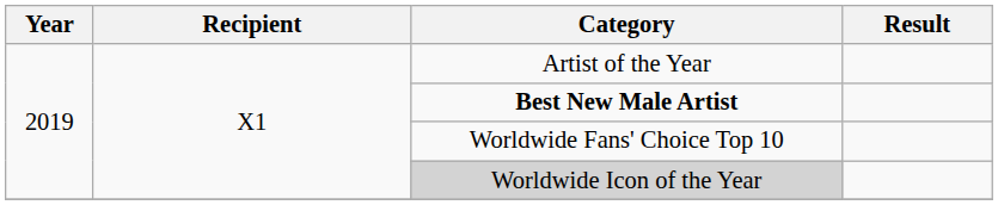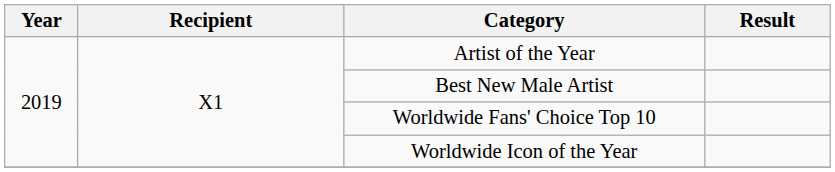 <table class="wikitable" style="text-align:center">
 <tr>
 <th width="50">Year</th>
 <th width="200">Recipient</th>
 <th width="275">Category</th>
 <th width="90">Result</th>
 </tr>
 <tr>
 <td rowspan=4>2019</td>
 <td rowspan=4>X1</td>
 <td>Artist of the Year</td>
 <td></td>
 </tr>
 <tr>
-<td><strong>Best New Male Artist</strong></td>
+<td>Best New Male Artist</td>
 <td></td>
 </tr>
 <tr>
 <td>Worldwide Fans' Choice Top 10</td>
 <td></td>
 </tr>
 <tr>
-<td style="background: lightgrey;">Worldwide Icon of the Year</td>
+<td>Worldwide Icon of the Year</td>
 <td></td>
 </tr>
 <tr>
 </tr>
 </table>
